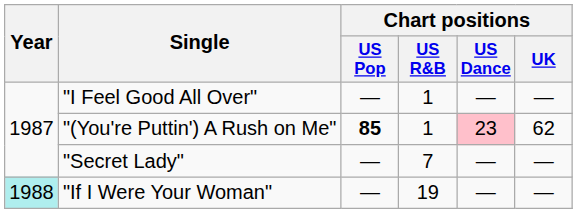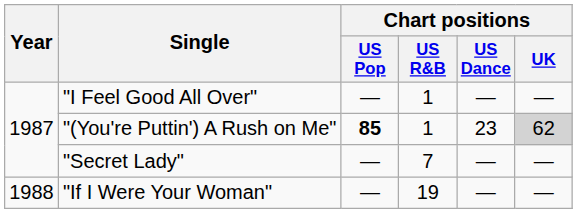 <table class="wikitable" style="text-align:center;">
 <tr>
 <th rowspan="2">Year</th>
 <th rowspan="2">Single</th>
 <th colspan="4">Chart positions</th>
 </tr>
 <tr style="font-size:smaller;">
 <th width="40"><a href='#'>US<br>Pop</a></th>
 <th width="40"><a href='#'>US<br>R&B</a></th>
 <th width="40"><a href='#'>US<br>Dance</a></th>
 <th width="40"><a href='#'>UK</a></th>
 </tr>
 <tr>
 <td rowspan="3">1987</td>
 <td align="left">"I Feel Good All Over"</td>
 <td>—</td>
 <td>1</td>
 <td>—</td>
 <td>—</td>
 </tr>
 <tr>
 <td align="left">"(You're Puttin') A Rush on Me"</td>
 <td><strong>85</strong></td>
 <td>1</td>
-<td style="background: pink;">23</td>
-<td>62</td>
+<td>23</td>
+<td style="background: lightgrey;">62</td>
 </tr>
 <tr>
 <td align="left">"Secret Lady"</td>
 <td>—</td>
 <td>7</td>
 <td>—</td>
 <td>—</td>
 </tr>
 <tr>
-<td style="background: paleturquoise;">1988</td>
+<td>1988</td>
 <td align="left">"If I Were Your Woman"</td>
 <td>—</td>
 <td>19</td>
 <td>—</td>
 <td>—</td>
 </tr>
 </table>
